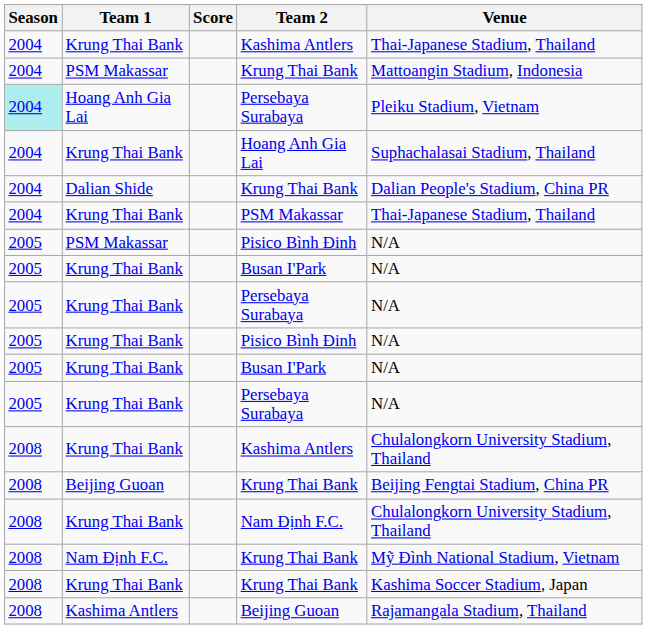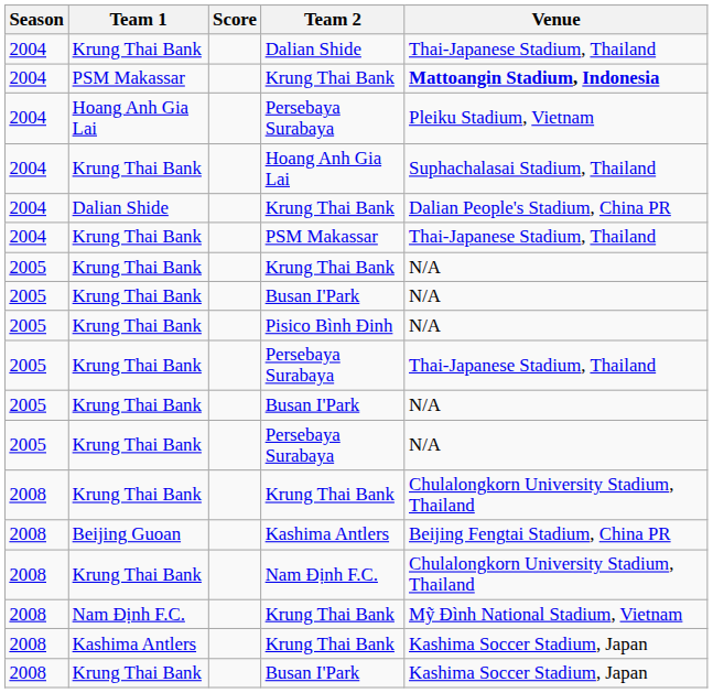 <table class="wikitable">
 <tr>
 <th>Season</th>
 <th>Team 1</th>
 <th>Score</th>
 <th>Team 2</th>
 <th>Venue</th>
 </tr>
 <tr style="">
 <td><a href='#'>2004</a></td>
 <td> <a href='#'>Krung Thai Bank</a></td>
 <td></td>
-<td> <a href='#'>Kashima Antlers</a></td>
+<td> <a href='#'>Dalian Shide</a></td>
 <td><a href='#'>Thai-Japanese Stadium</a>, <a href='#'>Thailand</a></td>
 </tr>
 <tr>
 <td><a href='#'>2004</a></td>
 <td> <a href='#'>PSM Makassar</a></td>
 <td></td>
 <td> <a href='#'>Krung Thai Bank</a></td>
-<td><a href='#'>Mattoangin Stadium</a>, <a href='#'>Indonesia</a></td>
+<td><strong><a href='#'>Mattoangin Stadium</a>, <a href='#'>Indonesia</a></strong></td>
 </tr>
 <tr>
-<td style="background: paleturquoise;"><a href='#'>2004</a></td>
+<td><a href='#'>2004</a></td>
 <td> <a href='#'>Hoang Anh Gia Lai</a></td>
 <td></td>
 <td> <a href='#'>Persebaya Surabaya</a></td>
 <td><a href='#'>Pleiku Stadium</a>, <a href='#'>Vietnam</a></td>
 </tr>
 <tr>
 <td><a href='#'>2004</a></td>
 <td> <a href='#'>Krung Thai Bank</a></td>
 <td></td>
 <td> <a href='#'>Hoang Anh Gia Lai</a></td>
 <td><a href='#'>Suphachalasai Stadium</a>, <a href='#'>Thailand</a></td>
 </tr>
 <tr>
 <td><a href='#'>2004</a></td>
 <td> <a href='#'>Dalian Shide</a></td>
 <td></td>
 <td> <a href='#'>Krung Thai Bank</a></td>
 <td><a href='#'>Dalian People's Stadium</a>, <a href='#'>China PR</a></td>
 </tr>
 <tr>
 <td><a href='#'>2004</a></td>
 <td> <a href='#'>Krung Thai Bank</a></td>
 <td></td>
 <td> <a href='#'>PSM Makassar</a></td>
 <td><a href='#'>Thai-Japanese Stadium</a>, <a href='#'>Thailand</a></td>
 </tr>
 <tr>
 <td><a href='#'>2005</a></td>
-<td> <a href='#'>PSM Makassar</a></td>
+<td> <a href='#'>Krung Thai Bank</a></td>
 <td></td>
-<td> <a href='#'>Pisico Bình Đinh</a></td>
+<td> <a href='#'>Krung Thai Bank</a></td>
 <td>N/A</td>
 </tr>
 <tr>
 <td><a href='#'>2005</a></td>
 <td> <a href='#'>Krung Thai Bank</a></td>
 <td></td>
 <td> <a href='#'>Busan I'Park</a></td>
 <td>N/A</td>
 </tr>
 <tr>
 <td><a href='#'>2005</a></td>
 <td> <a href='#'>Krung Thai Bank</a></td>
 <td></td>
-<td> <a href='#'>Persebaya Surabaya</a></td>
+<td> <a href='#'>Pisico Bình Đinh</a></td>
 <td>N/A</td>
 </tr>
 <tr>
 <td><a href='#'>2005</a></td>
 <td> <a href='#'>Krung Thai Bank</a></td>
 <td></td>
-<td> <a href='#'>Pisico Bình Đinh</a></td>
-<td>N/A</td>
+<td> <a href='#'>Persebaya Surabaya</a></td>
+<td><a href='#'>Thai-Japanese Stadium</a>, <a href='#'>Thailand</a></td>
 </tr>
 <tr>
 <td><a href='#'>2005</a></td>
 <td> <a href='#'>Krung Thai Bank</a></td>
 <td></td>
 <td> <a href='#'>Busan I'Park</a></td>
 <td>N/A</td>
 </tr>
 <tr>
 <td><a href='#'>2005</a></td>
 <td> <a href='#'>Krung Thai Bank</a></td>
 <td></td>
 <td> <a href='#'>Persebaya Surabaya</a></td>
 <td>N/A</td>
 </tr>
 <tr>
 <td><a href='#'>2008</a></td>
 <td> <a href='#'>Krung Thai Bank</a></td>
 <td></td>
-<td> <a href='#'>Kashima Antlers</a></td>
+<td> <a href='#'>Krung Thai Bank</a></td>
 <td><a href='#'>Chulalongkorn University Stadium</a>, <a href='#'>Thailand</a></td>
 </tr>
 <tr>
 <td><a href='#'>2008</a></td>
 <td> <a href='#'>Beijing Guoan</a></td>
 <td></td>
-<td> <a href='#'>Krung Thai Bank</a></td>
+<td> <a href='#'>Kashima Antlers</a></td>
 <td><a href='#'>Beijing Fengtai Stadium</a>, <a href='#'>China PR</a></td>
 </tr>
 <tr>
 <td><a href='#'>2008</a></td>
 <td> <a href='#'>Krung Thai Bank</a></td>
 <td></td>
 <td> <a href='#'>Nam Định F.C.</a></td>
 <td><a href='#'>Chulalongkorn University Stadium</a>, <a href='#'>Thailand</a></td>
 </tr>
 <tr>
 <td><a href='#'>2008</a></td>
 <td> <a href='#'>Nam Định F.C.</a></td>
 <td></td>
 <td> <a href='#'>Krung Thai Bank</a></td>
 <td><a href='#'>Mỹ Đình National Stadium</a>, <a href='#'>Vietnam</a></td>
 </tr>
 <tr>
 <td><a href='#'>2008</a></td>
-<td> <a href='#'>Krung Thai Bank</a></td>
+<td> <a href='#'>Kashima Antlers</a></td>
 <td></td>
 <td> <a href='#'>Krung Thai Bank</a></td>
 <td><a href='#'>Kashima Soccer Stadium</a>, Japan</td>
 </tr>
 <tr>
 <td><a href='#'>2008</a></td>
-<td> <a href='#'>Kashima Antlers</a></td>
+<td> <a href='#'>Krung Thai Bank</a></td>
 <td></td>
-<td> <a href='#'>Beijing Guoan</a></td>
-<td><a href='#'>Rajamangala Stadium</a>, <a href='#'>Thailand</a></td>
+<td> <a href='#'>Busan I'Park</a></td>
+<td><a href='#'>Kashima Soccer Stadium</a>, Japan</td>
 </tr>
 </table>
